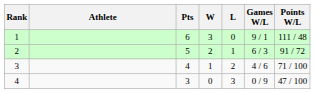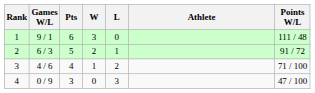 <table class="wikitable" style="text-align: center; font-size:90% ">
 <tr>
 <th width="20">Rank</th>
-<th width="230">Athlete</th>
+<th width="40">Games<br>W/L</th>
 <th width="30">Pts</th>
 <th width="30">W</th>
 <th width="30">L</th>
-<th width="40">Games<br>W/L</th>
+<th width="230">Athlete</th>
 <th width="50">Points<br>W/L</th>
 </tr>
 <tr bgcolor=#ccffcc>
 <td>1</td>
-<td align=left></td>
+<td>9 / 1</td>
 <td>6</td>
 <td>3</td>
 <td>0</td>
-<td>9 / 1</td>
+<td align=left></td>
 <td>111 / 48</td>
 </tr>
 <tr bgcolor=#ccffcc>
 <td>2</td>
-<td align=left></td>
+<td>6 / 3</td>
 <td>5</td>
 <td>2</td>
 <td>1</td>
-<td>6 / 3</td>
+<td align=left></td>
 <td>91 / 72</td>
 </tr>
 <tr>
 <td>3</td>
-<td align=left></td>
+<td>4 / 6</td>
 <td>4</td>
 <td>1</td>
 <td>2</td>
-<td>4 / 6</td>
+<td align=left></td>
 <td>71 / 100</td>
 </tr>
 <tr>
 <td>4</td>
-<td align=left></td>
+<td>0 / 9</td>
 <td>3</td>
 <td>0</td>
 <td>3</td>
-<td>0 / 9</td>
+<td align=left></td>
 <td>47 / 100</td>
 </tr>
 </table>
